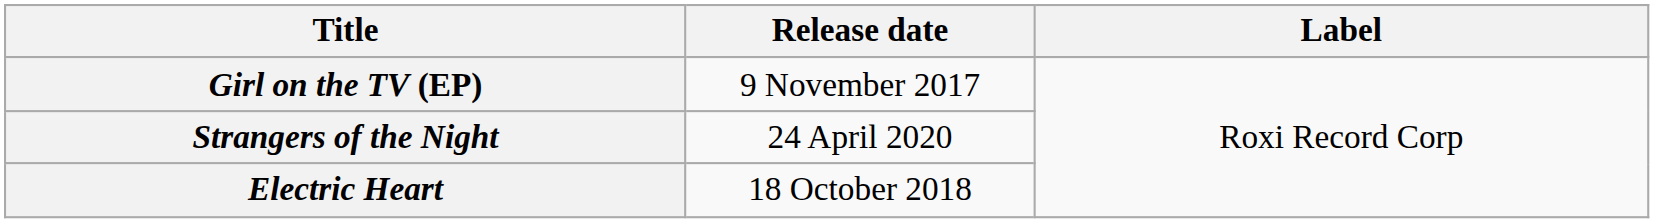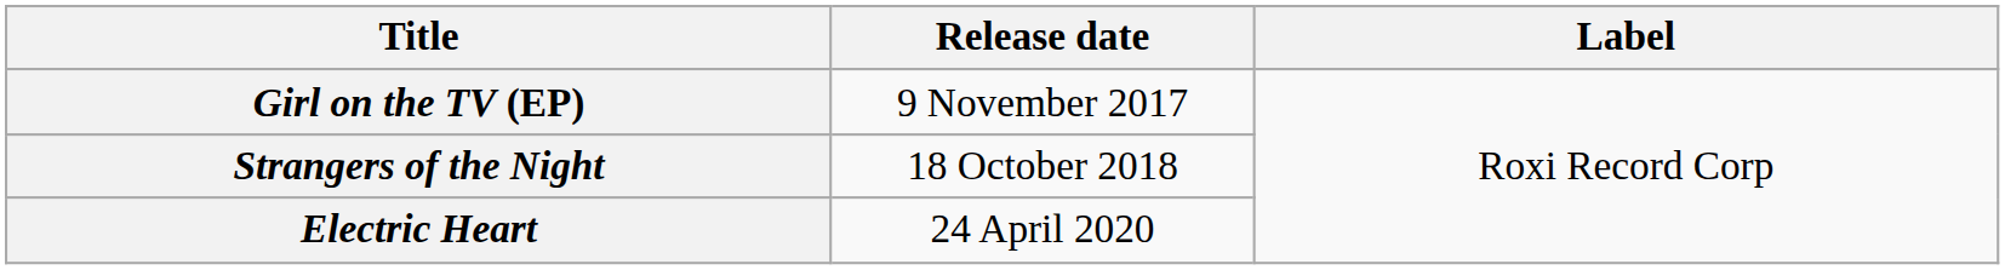 <table class="wikitable plainrowheaders" style="text-align:center;">
 <tr>
 <th style="width:20em;">Title</th>
 <th style="width:10em;">Release date</th>
 <th style="width:18em;">Label</th>
 </tr>
 <tr>
 <th scope="row"><em>Girl on the TV</em> (EP)</th>
 <td>9 November 2017</td>
 <td rowspan="3">Roxi Record Corp</td>
 </tr>
 <tr>
 <th scope="row"><em>Strangers of the Night</em></th>
-<td>24 April 2020</td>
+<td>18 October 2018</td>
 </tr>
 <tr>
 <th scope="row"><em>Electric Heart</em></th>
-<td>18 October 2018</td>
+<td>24 April 2020</td>
 </tr>
 </table>
